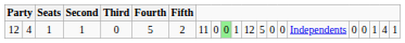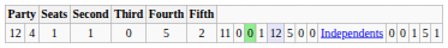 <table class="wikitable">
 <tr>
 <th colspan=2>Party</th>
 <th>Seats</th>
 <th>Second</th>
 <th>Third</th>
 <th>Fourth</th>
 <th>Fifth</th>
 </tr>
 <tr>
 <td align=center>12</td>
 <td align=center>4</td>
 <td align=center>1</td>
 <td align=center>1</td>
 <td align=center>0<br></td>
 <td align=center>5</td>
 <td align=center>2</td>
 <td align=center>11</td>
 <td align=center>0</td>
 <td align=center style="background: lightgreen;">0<br></td>
 <td align=center>1</td>
-<td align=center>12</td>
+<td align=center style="background: lavender;">12</td>
 <td align=center>5</td>
 <td align=center>0</td>
 <td align=center>0<br></td>
 <td><a href='#'>Independents</a></td>
 <td align=center>0</td>
 <td align=center>0</td>
 <td align=center>1</td>
-<td align=center>4</td>
+<td align=center>5</td>
 <td align=center>1</td>
 </tr>
 </table>
